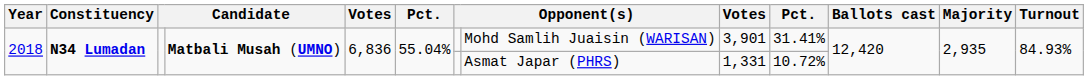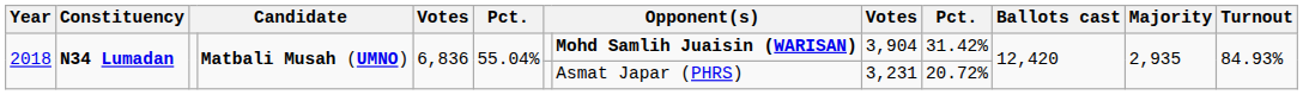 <table class="wikitable" style="margin:0.5em ; font-size:95%">
 <tr>
 <th>Year</th>
 <th>Constituency</th>
 <th colspan="2">Candidate</th>
 <th>Votes</th>
 <th>Pct.</th>
 <th colspan="2">Opponent(s)</th>
 <th>Votes</th>
 <th>Pct.</th>
 <th>Ballots cast</th>
 <th>Majority</th>
 <th>Turnout</th>
 </tr>
 <tr>
 <td rowspan="2"><a href='#'>2018</a></td>
 <td rowspan="2"><strong>N34 <a href='#'>Lumadan</a></strong></td>
 <td rowspan="2" ></td>
 <td rowspan="2"><strong>Matbali Musah</strong> (<a href='#'><strong>UMNO</strong></a>)</td>
 <td rowspan="2" align=right>6,836</td>
 <td rowspan="2">55.04%</td>
 <td></td>
-<td>Mohd Samlih Juaisin (<a href='#'>WARISAN</a>)</td>
-<td align=right>3,901</td>
-<td>31.41%</td>
+<td><strong>Mohd Samlih Juaisin (<a href='#'>WARISAN</a>)</strong></td>
+<td align=right>3,904</td>
+<td>31.42%</td>
 <td rowspan="2">12,420</td>
 <td rowspan="2">2,935</td>
 <td rowspan="2">84.93%</td>
 </tr>
 <tr>
 <td bgcolor = ></td>
 <td>Asmat Japar (<a href='#'>PHRS</a>)</td>
-<td align=right>1,331</td>
-<td>10.72%</td>
+<td align=right>3,231</td>
+<td>20.72%</td>
 </tr>
 </table>
